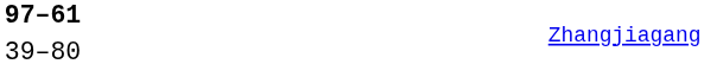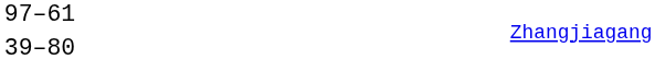 <table style="text-align:center">
 <tr>
 <th width=200></th>
 <th width=100></th>
 <th width=200></th>
 <th></th>
 </tr>
 <tr>
 <td align=right><strong></strong></td>
-<td><strong>97–61</strong></td>
+<td>97–61</td>
 <td align=left></td>
 <td align=left rowspan=2><small><a href='#'>Zhangjiagang</a></small></td>
 </tr>
 <tr>
 <td align=right></td>
 <td>39–80</td>
 <td align=left><strong></strong></td>
 </tr>
 </table>
